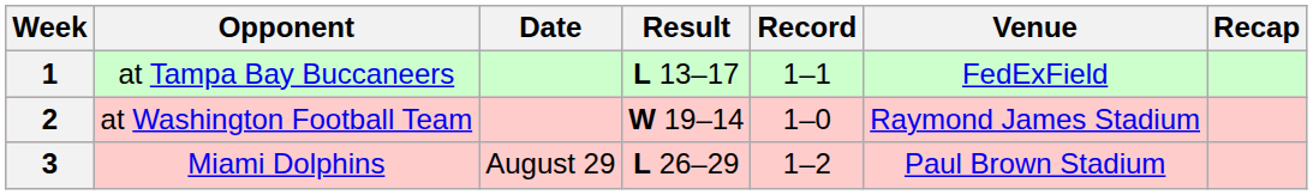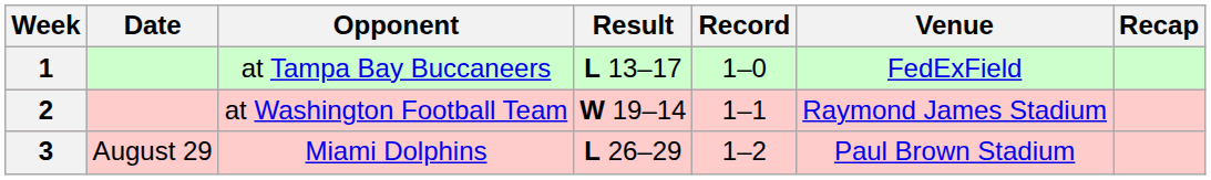 <table class="wikitable" style="text-align:center">
 <tr>
 <th>Week</th>
+<th>Date</th>
 <th>Opponent</th>
-<th>Date</th>
 <th>Result</th>
 <th>Record</th>
 <th>Venue</th>
 <th>Recap</th>
 </tr>
 <tr style="background:#cfc">
 <th>1</th>
+<td></td>
 <td>at <a href='#'>Tampa Bay Buccaneers</a></td>
-<td></td>
 <td><strong>L</strong> 13–17</td>
-<td>1–1</td>
+<td>1–0</td>
 <td><a href='#'>FedExField</a></td>
 <td></td>
 </tr>
 <tr style="background:#fcc">
 <th>2</th>
+<td></td>
 <td>at <a href='#'>Washington Football Team</a></td>
-<td></td>
 <td><strong>W</strong> 19–14</td>
-<td>1–0</td>
+<td>1–1</td>
 <td><a href='#'>Raymond James Stadium</a></td>
 <td></td>
 </tr>
 <tr style="background:#fcc">
 <th>3</th>
+<td>August 29</td>
 <td><a href='#'>Miami Dolphins</a></td>
-<td>August 29</td>
 <td><strong>L</strong> 26–29</td>
 <td>1–2</td>
 <td><a href='#'>Paul Brown Stadium</a></td>
 <td></td>
 </tr>
 </table>
